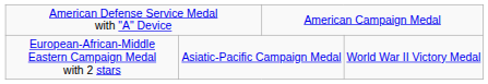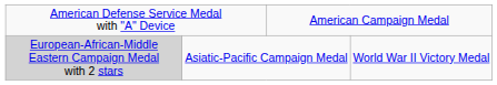 <table class="wikitable" style="margin:1em auto; text-align:center;">
 <tr>
 <td colspan=2><a href='#'>American Defense Service Medal</a> <br>with <a href='#'>"A" Device</a></td>
 <td colspan=2><a href='#'>American Campaign Medal</a></td>
 </tr>
 <tr>
-<td><a href='#'>European-African-Middle<br>Eastern Campaign Medal</a><br>with 2 <a href='#'>stars</a></td>
+<td style="background: lightgrey;"><a href='#'>European-African-Middle<br>Eastern Campaign Medal</a><br>with 2 <a href='#'>stars</a></td>
 <td colspan=2><a href='#'>Asiatic-Pacific Campaign Medal</a></td>
 <td><a href='#'>World War II Victory Medal</a></td>
 </tr>
 </table>
